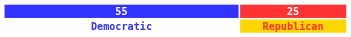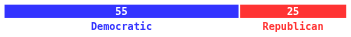 <table style="width:50%">
 <tr>
 <td scope="row" colspan="4" style="text-align:center"></td>
 </tr>
 <tr>
 <td scope="row" style="background:#33F; width:68.75%; text-align:center; color:white"><strong>55</strong></td>
 <td style="background:#F33; width:31.25%; text-align:center; color:white"><strong>25</strong></td>
 </tr>
 <tr>
 <td scope="row" style="text-align:center; color:#33F"><strong>Democratic</strong></td>
-<td style="background: gold; text-align:center; color:#F33"><strong>Republican</strong></td>
+<td style="text-align:center; color:#F33"><strong>Republican</strong></td>
 </tr>
 </table>
